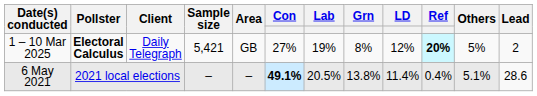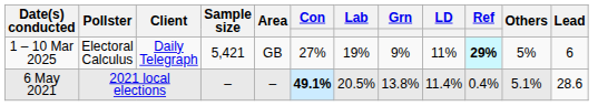 <table class="wikitable sortable mw-datatable" style="text-align:center; font-size:90%; line-height:14px;">
 <tr>
 <th rowspan="2">Date(s)<br>conducted</th>
 <th rowspan="2">Pollster</th>
 <th rowspan="2">Client</th>
 <th rowspan="2" data-sort-type="number">Sample<br>size</th>
 <th rowspan="2">Area</th>
 <th class="unsortable" style="width:50px;"><a href='#'>Con</a></th>
 <th class="unsortable" style="width:50px;"><a href='#'>Lab</a></th>
 <th class="unsortable" style="width:50px;"><a href='#'>Grn</a></th>
 <th class="unsortable" style="width:50px;"><a href='#'>LD</a></th>
 <th class="unsortable" style="width:50px;"><a href='#'>Ref</a></th>
 <th rowspan="2" class="unsortable" style="width:50px;">Others</th>
 <th rowspan="2" data-sort-type="number">Lead</th>
 </tr>
 <tr>
 <th data-sort-type="number" style="background:"></th>
 <th data-sort-type="number" style="background:"></th>
 <th data-sort-type="number" style="background:"></th>
 <th data-sort-type="number" style="background:"></th>
 <th data-sort-type="number" style="background:"></th>
 </tr>
 <tr>
 <td data-sort-value="2025-03-10">1 – 10 Mar 2025</td>
-<td><strong>Electoral Calculus</strong></td>
+<td>Electoral Calculus</td>
 <td><a href='#'>Daily Telegraph</a></td>
 <td>5,421</td>
 <td>GB</td>
 <td>27%</td>
 <td>19%</td>
-<td>8%</td>
-<td>12%</td>
-<td style="background:#ccf8ff;"><strong>20%</strong></td>
+<td>9%</td>
+<td>11%</td>
+<td style="background:#ccf8ff;"><strong>29%</strong></td>
 <td>5%</td>
-<td style="background:">2</td>
+<td style="background:">6</td>
 </tr>
 <tr>
 <td style="background:#e9e9e9;">6 May 2021</td>
 <td colspan="2" style="background:#e9e9e9;"><a href='#'>2021 local elections</a></td>
 <td style="background:#e9e9e9;">–</td>
 <td style="background:#e9e9e9;">–</td>
 <td style="background:#CCEBFF;"><strong>49.1%</strong></td>
 <td style="background:#e9e9e9;">20.5%</td>
 <td style="background:#e9e9e9;">13.8%</td>
 <td style="background:#e9e9e9;">11.4%</td>
 <td style="background:#e9e9e9;">0.4%</td>
 <td style="background:#e9e9e9;">5.1%</td>
 <td style="background:">28.6</td>
 </tr>
 </table>
